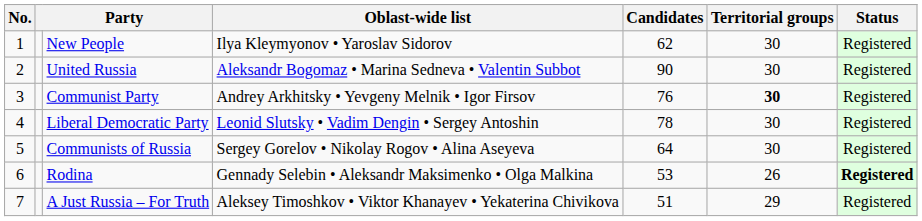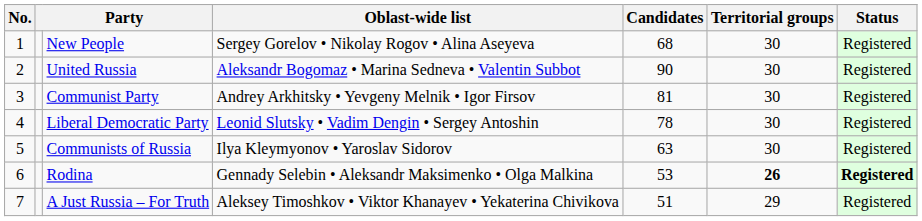 <table class="wikitable sortable" style="background: #f9f9f9; text-align:right; font-size: 95%">
 <tr>
 <th align=center>No.</th>
 <th colspan="2">Party</th>
 <th align=center>Oblast-wide list</th>
 <th align=center>Candidates</th>
 <th align=center>Territorial groups</th>
 <th align=center>Status</th>
 </tr>
 <tr>
 <td align=center>1</td>
 <td style="background-color:"></td>
 <td align=left><a href='#'>New People</a></td>
-<td align=left>Ilya Kleymyonov • Yaroslav Sidorov</td>
-<td align=center>62</td>
+<td align=left>Sergey Gorelov • Nikolay Rogov • Alina Aseyeva</td>
+<td align=center>68</td>
 <td align=center>30</td>
 <td align=center bgcolor="#DFFFDF">Registered</td>
 </tr>
 <tr>
 <td align=center>2</td>
 <td style="background-color:"></td>
 <td align=left><a href='#'>United Russia</a></td>
 <td align=left><a href='#'>Aleksandr Bogomaz</a> • Marina Sedneva • <a href='#'>Valentin Subbot</a></td>
 <td align=center>90</td>
 <td align=center>30</td>
 <td align=center bgcolor="#DFFFDF">Registered</td>
 </tr>
 <tr>
 <td align=center>3</td>
 <td style="background-color:"></td>
 <td align=left><a href='#'>Communist Party</a></td>
 <td align=left>Andrey Arkhitsky • Yevgeny Melnik • Igor Firsov</td>
-<td align=center>76</td>
-<td align=center><strong>30</strong></td>
+<td align=center>81</td>
+<td align=center>30</td>
 <td align=center bgcolor="#DFFFDF">Registered</td>
 </tr>
 <tr>
 <td align=center>4</td>
 <td style="background-color:"></td>
 <td align=left><a href='#'>Liberal Democratic Party</a></td>
 <td align=left><a href='#'>Leonid Slutsky</a> • <a href='#'>Vadim Dengin</a> • Sergey Antoshin</td>
 <td align=center>78</td>
 <td align=center>30</td>
 <td align=center bgcolor="#DFFFDF">Registered</td>
 </tr>
 <tr>
 <td align=center>5</td>
 <td style="background-color:"></td>
 <td align=left><a href='#'>Communists of Russia</a></td>
-<td align=left>Sergey Gorelov • Nikolay Rogov • Alina Aseyeva</td>
-<td align=center>64</td>
+<td align=left>Ilya Kleymyonov • Yaroslav Sidorov</td>
+<td align=center>63</td>
 <td align=center>30</td>
 <td align=center bgcolor="#DFFFDF">Registered</td>
 </tr>
 <tr>
 <td align=center>6</td>
 <td style="background-color:"></td>
 <td align=left><a href='#'>Rodina</a></td>
 <td align=left>Gennady Selebin • Aleksandr Maksimenko • Olga Malkina</td>
 <td align=center>53</td>
-<td align=center>26</td>
+<td align=center><strong>26</strong></td>
 <td align=center bgcolor="#DFFFDF"><strong>Registered</strong></td>
 </tr>
 <tr>
 <td align=center>7</td>
 <td style="background-color:"></td>
 <td align=left><a href='#'>A Just Russia – For Truth</a></td>
 <td align=left>Aleksey Timoshkov • Viktor Khanayev • Yekaterina Chivikova</td>
 <td align=center>51</td>
 <td align=center>29</td>
 <td align=center bgcolor="#DFFFDF">Registered</td>
 </tr>
 </table>
